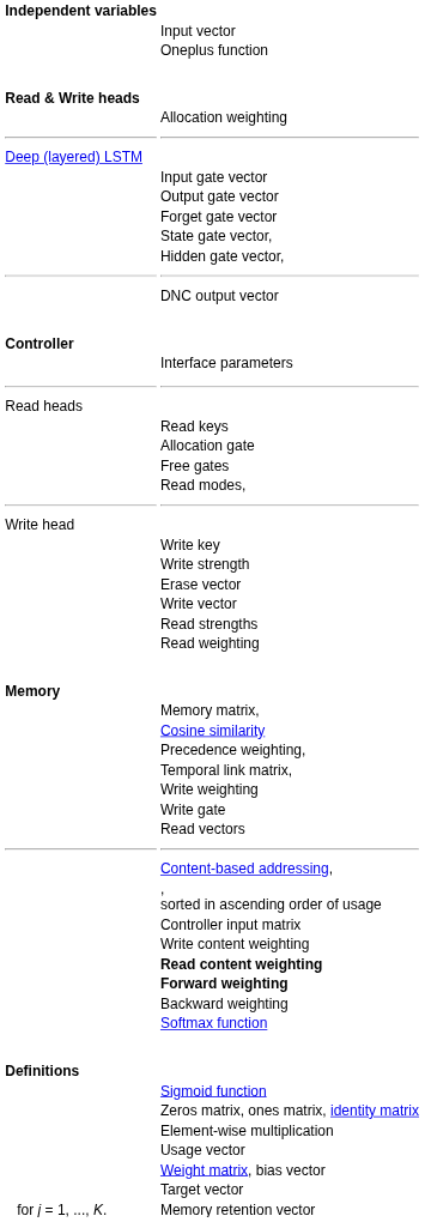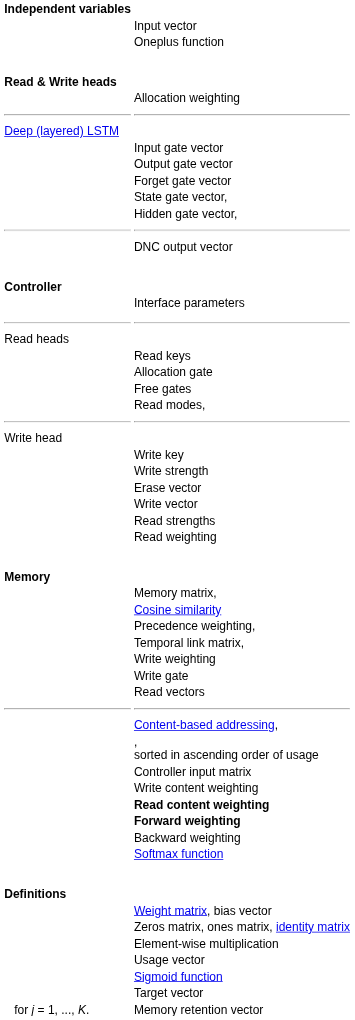 <table>
 <tr>
 <td style="padding-top:2em;"><strong>Independent variables</strong></td>
 <td></td>
 </tr>
 <tr>
 <td></td>
 <td>Input vector</td>
 </tr>
 <tr>
 <td></td>
 <td>Oneplus function</td>
 </tr>
 <tr>
 <td style="padding-top:2em;"><strong>Read & Write heads</strong></td>
 <td></td>
 </tr>
 <tr>
 <td></td>
 <td>Allocation weighting</td>
 </tr>
 <tr>
 <td><hr></td>
 <td><hr></td>
 </tr>
 <tr>
 <td><a href='#'>Deep (layered) LSTM</a></td>
 <td></td>
 </tr>
 <tr>
 <td></td>
 <td>Input gate vector</td>
 </tr>
 <tr>
 <td></td>
 <td>Output gate vector</td>
 </tr>
 <tr>
 <td></td>
 <td>Forget gate vector</td>
 </tr>
 <tr>
 <td></td>
 <td>State gate vector,<br></td>
 </tr>
 <tr>
 <td></td>
 <td>Hidden gate vector,<br></td>
 </tr>
 <tr>
 <td><hr></td>
 <td><hr></td>
 </tr>
 <tr>
 <td></td>
 <td>DNC output vector</td>
 </tr>
 <tr>
 <td style="padding-top:2em;"><strong>Controller</strong></td>
 <td></td>
 </tr>
 <tr>
 <td></td>
 <td>Interface parameters</td>
 </tr>
 <tr>
 <td colspan="2"></td>
 </tr>
 <tr>
 <td><hr></td>
 <td><hr></td>
 </tr>
 <tr>
 <td>Read heads</td>
 <td></td>
 </tr>
 <tr>
 <td></td>
 <td>Read keys</td>
 </tr>
 <tr>
 <td></td>
 <td>Allocation gate</td>
 </tr>
 <tr>
 <td></td>
 <td>Free gates</td>
 </tr>
 <tr>
 <td></td>
 <td>Read modes,<br></td>
 </tr>
 <tr>
 <td><hr></td>
 <td><hr></td>
 </tr>
 <tr>
 <td>Write head</td>
 <td></td>
 </tr>
 <tr>
 <td></td>
 <td>Write key</td>
 </tr>
 <tr>
 <td></td>
 <td>Write strength</td>
 </tr>
 <tr>
 <td></td>
 <td>Erase vector</td>
 </tr>
 <tr>
 <td></td>
 <td>Write vector</td>
 </tr>
 <tr>
 <td></td>
 <td>Read strengths</td>
 </tr>
 <tr>
 <td></td>
 <td>Read weighting</td>
 </tr>
 <tr>
 <td style="padding-top:2em;"><strong>Memory</strong></td>
 <td></td>
 </tr>
 <tr>
 <td></td>
 <td>Memory matrix,<br></td>
 </tr>
 <tr>
 <td></td>
 <td><a href='#'>Cosine similarity</a></td>
 </tr>
 <tr>
 <td></td>
 <td>Precedence weighting,<br></td>
 </tr>
 <tr>
 <td></td>
 <td>Temporal link matrix,<br></td>
 </tr>
 <tr>
 <td></td>
 <td>Write weighting</td>
 </tr>
 <tr>
 <td></td>
 <td>Write gate</td>
 </tr>
 <tr>
 <td></td>
 <td>Read vectors</td>
 </tr>
 <tr>
 <td><hr></td>
 <td><hr></td>
 </tr>
 <tr>
 <td></td>
 <td><a href='#'>Content-based addressing</a>,<br></td>
 </tr>
 <tr>
 <td></td>
 <td>,<br>sorted in ascending order of usage</td>
 </tr>
 <tr>
 <td></td>
 <td>Controller input matrix</td>
 </tr>
 <tr>
 <td></td>
 <td>Write content weighting</td>
 </tr>
 <tr>
 <td></td>
 <td><strong>Read content weighting</strong></td>
 </tr>
 <tr>
 <td></td>
 <td><strong>Forward weighting</strong></td>
 </tr>
 <tr>
 <td></td>
 <td>Backward weighting</td>
 </tr>
 <tr>
 <td></td>
 <td><a href='#'>Softmax function</a></td>
 </tr>
 <tr>
 <td style="padding-top:2em;"><strong>Definitions</strong></td>
 <td></td>
 </tr>
 <tr>
 <td></td>
-<td><a href='#'>Sigmoid function</a></td>
+<td><a href='#'>Weight matrix</a>, bias vector</td>
 </tr>
 <tr>
 <td></td>
 <td>Zeros matrix, ones matrix, <a href='#'>identity matrix</a></td>
 </tr>
 <tr>
 <td></td>
 <td>Element-wise multiplication</td>
 </tr>
 <tr>
 <td></td>
 <td>Usage vector</td>
 </tr>
 <tr>
 <td></td>
-<td><a href='#'>Weight matrix</a>, bias vector</td>
+<td><a href='#'>Sigmoid function</a></td>
 </tr>
 <tr>
 <td></td>
 <td>Target vector</td>
 </tr>
 <tr>
 <td>    for <em>j</em> = 1, ..., <em>K</em>.</td>
 <td>Memory retention vector</td>
 </tr>
 </table>
